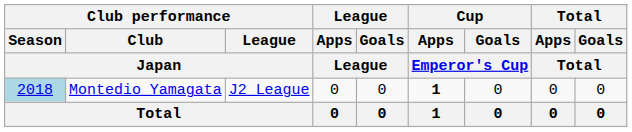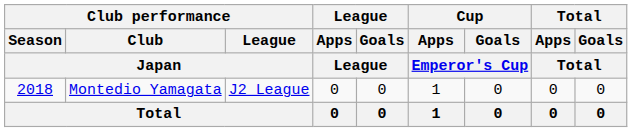 <table class="wikitable" style="text-align:center;">
 <tr>
 <th colspan=3>Club performance</th>
 <th colspan=2>League</th>
 <th colspan=2>Cup</th>
 <th colspan=2>Total</th>
 </tr>
 <tr>
 <th>Season</th>
 <th>Club</th>
 <th>League</th>
 <th>Apps</th>
 <th>Goals</th>
 <th>Apps</th>
 <th>Goals</th>
 <th>Apps</th>
 <th>Goals</th>
 </tr>
 <tr>
 <th colspan=3>Japan</th>
 <th colspan=2>League</th>
 <th colspan=2><a href='#'>Emperor's Cup</a></th>
 <th colspan=2>Total</th>
 </tr>
 <tr>
-<td style="background: lightblue;"><a href='#'>2018</a></td>
+<td><a href='#'>2018</a></td>
 <td rowspan="1"><a href='#'>Montedio Yamagata</a></td>
 <td rowspan="1"><a href='#'>J2 League</a></td>
 <td>0</td>
 <td>0</td>
-<td><strong>1</strong></td>
+<td>1</td>
 <td>0</td>
 <td>0</td>
 <td>0</td>
 </tr>
 <tr>
 <th colspan=3>Total</th>
 <th>0</th>
 <th>0</th>
 <th>1</th>
 <th>0</th>
 <th>0</th>
 <th>0</th>
 </tr>
 </table>
